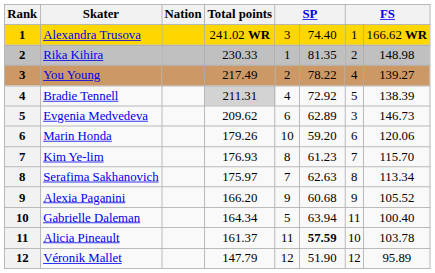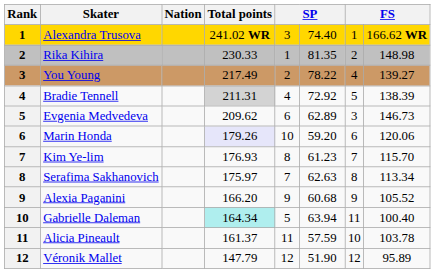 <table class="wikitable sortable">
 <tr>
 <th>Rank</th>
 <th>Skater</th>
 <th>Nation</th>
 <th>Total points</th>
 <th colspan="2" width="80px"><a href='#'>SP</a></th>
 <th colspan="2" width="80px"><a href='#'>FS</a></th>
 </tr>
 <tr bgcolor="gold">
 <td align="center"><strong>1</strong></td>
 <td><a href='#'>Alexandra Trusova</a></td>
 <td></td>
 <td align="center">241.02 <strong>WR</strong></td>
 <td align="center">3</td>
 <td align="center">74.40</td>
 <td align="center">1</td>
 <td align="center">166.62 <strong>WR</strong></td>
 </tr>
 <tr bgcolor="silver">
 <td align="center"><strong>2</strong></td>
 <td><a href='#'>Rika Kihira</a></td>
 <td></td>
 <td align="center">230.33</td>
 <td align="center">1</td>
 <td align="center">81.35</td>
 <td align="center">2</td>
 <td align="center">148.98</td>
 </tr>
 <tr bgcolor="cc9966">
 <td align="center"><strong>3</strong></td>
 <td><a href='#'>You Young</a></td>
 <td></td>
 <td align="center">217.49</td>
 <td align="center">2</td>
 <td align="center">78.22</td>
 <td align="center">4</td>
 <td align="center">139.27</td>
 </tr>
 <tr>
 <th>4</th>
 <td><a href='#'>Bradie Tennell</a></td>
 <td></td>
 <td align="center" style="background: lightgrey;">211.31</td>
 <td align="center">4</td>
 <td align="center">72.92</td>
 <td align="center">5</td>
 <td align="center">138.39</td>
 </tr>
 <tr>
 <th>5</th>
 <td><a href='#'>Evgenia Medvedeva</a></td>
 <td></td>
 <td align="center">209.62</td>
 <td align="center">6</td>
 <td align="center">62.89</td>
 <td align="center">3</td>
 <td align="center">146.73</td>
 </tr>
 <tr>
 <th>6</th>
 <td><a href='#'>Marin Honda</a></td>
 <td></td>
-<td align="center">179.26</td>
+<td align="center" style="background: lavender;">179.26</td>
 <td align="center">10</td>
 <td align="center">59.20</td>
 <td align="center">6</td>
 <td align="center">120.06</td>
 </tr>
 <tr>
 <th>7</th>
 <td><a href='#'>Kim Ye-lim</a></td>
 <td></td>
 <td align="center">176.93</td>
 <td align="center">8</td>
 <td align="center">61.23</td>
 <td align="center">7</td>
 <td align="center">115.70</td>
 </tr>
 <tr>
 <th>8</th>
 <td><a href='#'>Serafima Sakhanovich</a></td>
 <td></td>
 <td align="center">175.97</td>
 <td align="center">7</td>
 <td align="center">62.63</td>
 <td align="center">8</td>
 <td align="center">113.34</td>
 </tr>
 <tr>
 <th>9</th>
 <td><a href='#'>Alexia Paganini</a></td>
 <td></td>
 <td align="center">166.20</td>
 <td align="center">9</td>
 <td align="center">60.68</td>
 <td align="center">9</td>
 <td align="center">105.52</td>
 </tr>
 <tr>
 <th>10</th>
 <td><a href='#'>Gabrielle Daleman</a></td>
 <td></td>
-<td align="center">164.34</td>
+<td align="center" style="background: paleturquoise;">164.34</td>
 <td align="center">5</td>
 <td align="center">63.94</td>
 <td align="center">11</td>
 <td align="center">100.40</td>
 </tr>
 <tr>
 <th>11</th>
 <td><a href='#'>Alicia Pineault</a></td>
 <td></td>
 <td align="center">161.37</td>
 <td align="center">11</td>
-<td align="center"><strong>57.59</strong></td>
+<td align="center">57.59</td>
 <td align="center">10</td>
 <td align="center">103.78</td>
 </tr>
 <tr>
 <th>12</th>
 <td><a href='#'>Véronik Mallet</a></td>
 <td></td>
 <td align="center">147.79</td>
 <td align="center">12</td>
 <td align="center">51.90</td>
 <td align="center">12</td>
 <td align="center">95.89</td>
 </tr>
 </table>
